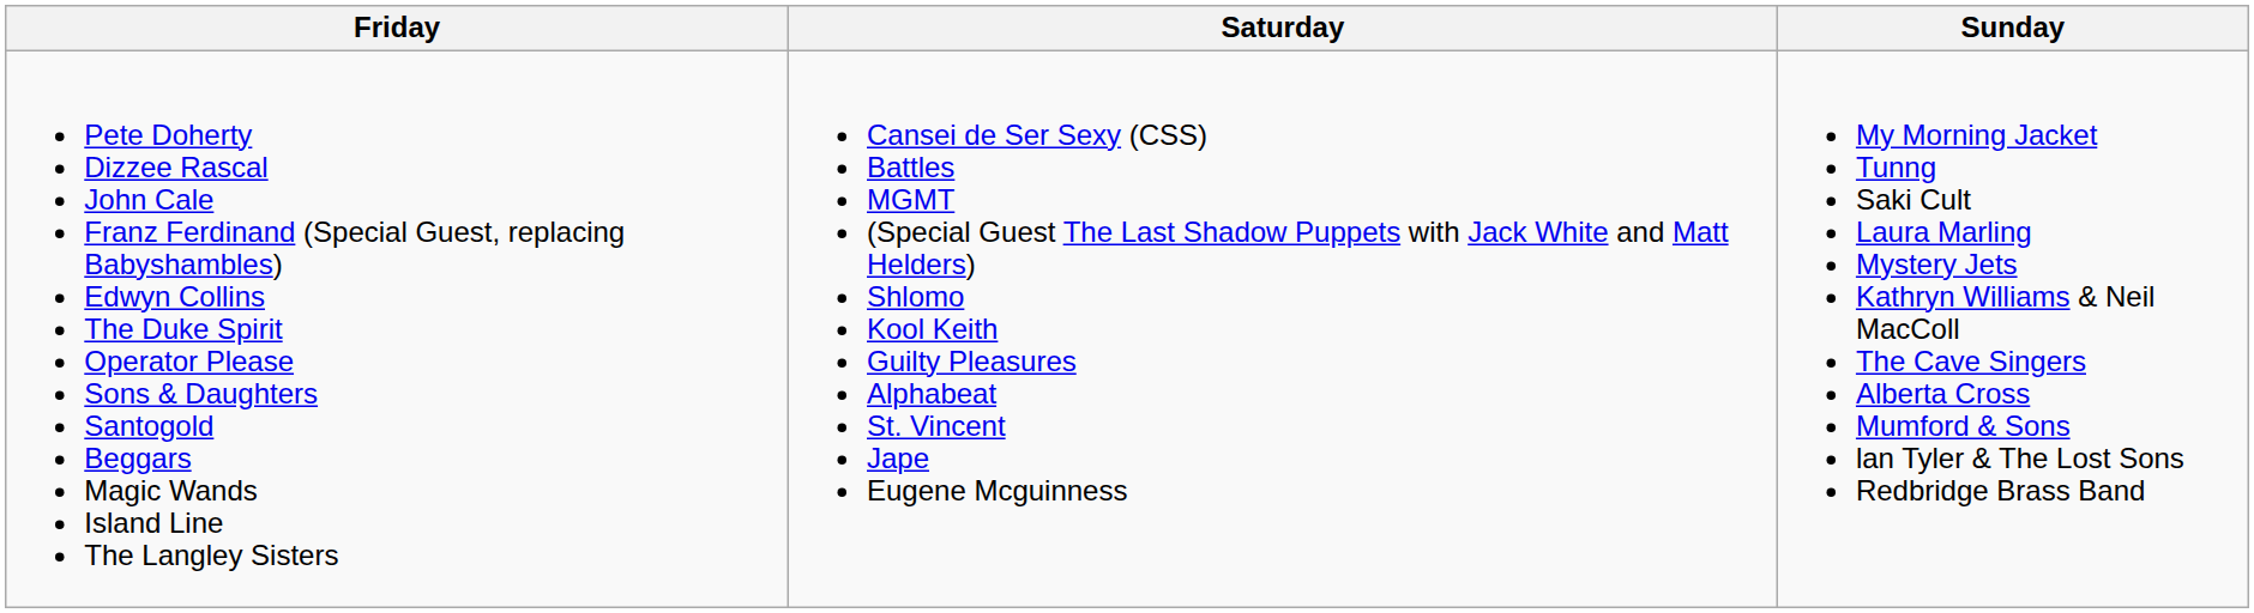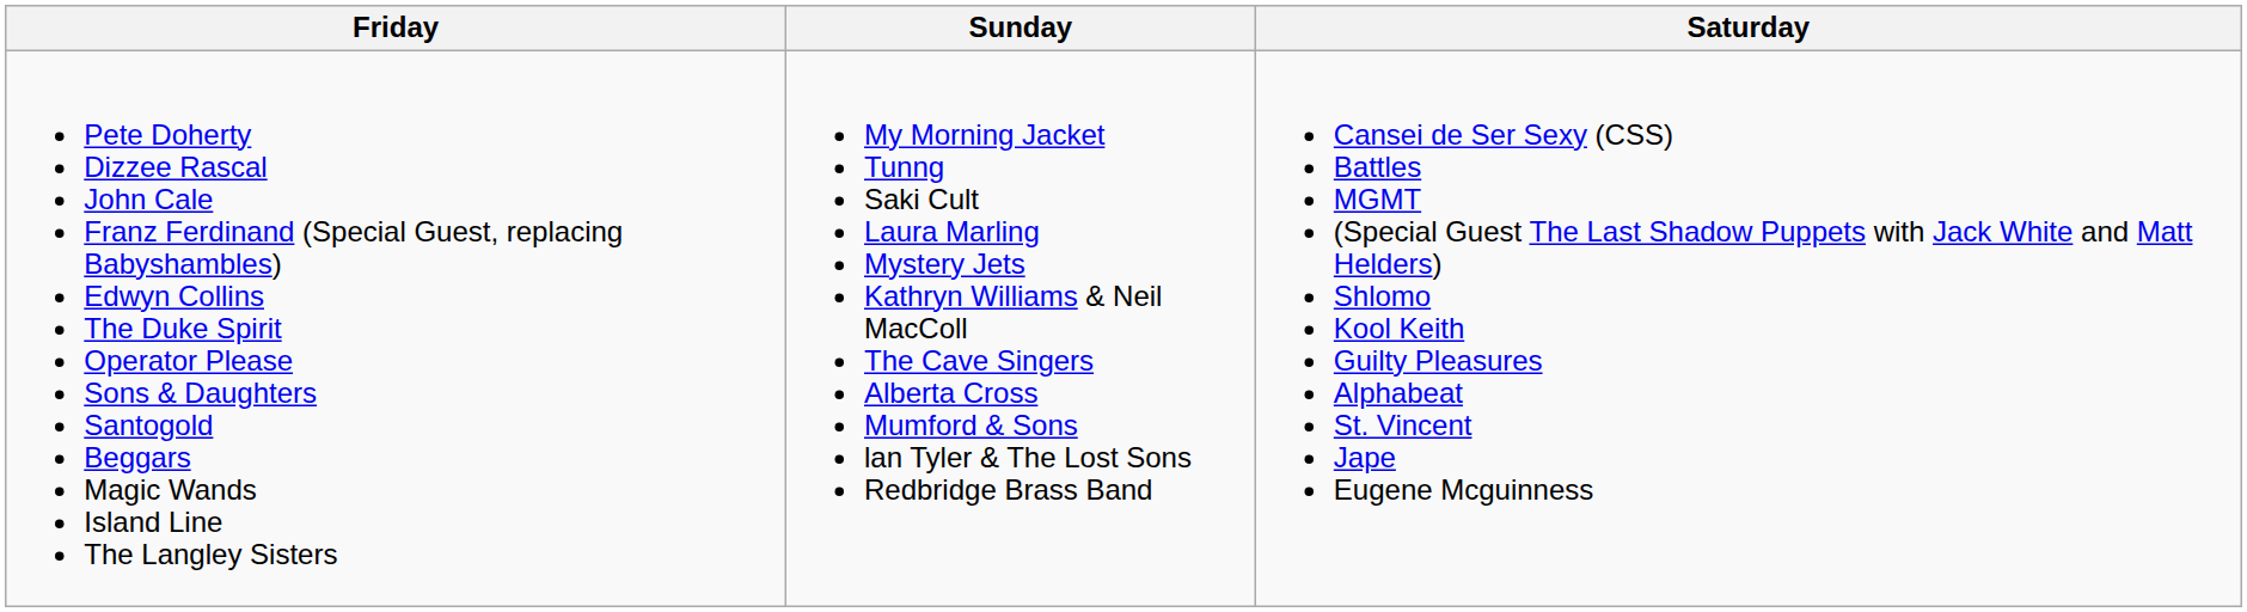 <table class="wikitable">
 <tr>
 <th>Friday</th>
+<th>Sunday</th>
 <th>Saturday</th>
-<th>Sunday</th>
 </tr>
 <tr valign="top">
 <td><br><ul><li><a href='#'>Pete Doherty</a></li><li><a href='#'>Dizzee Rascal</a></li><li><a href='#'>John Cale</a></li><li><a href='#'>Franz Ferdinand</a> (Special Guest, replacing <a href='#'>Babyshambles</a>)</li><li><a href='#'>Edwyn Collins</a></li><li><a href='#'>The Duke Spirit</a></li><li><a href='#'>Operator Please</a></li><li><a href='#'>Sons & Daughters</a></li><li><a href='#'>Santogold</a></li><li><a href='#'>Beggars</a></li><li>Magic Wands</li><li>Island Line</li><li>The Langley Sisters</li></ul></td>
+<td><br><ul><li><a href='#'>My Morning Jacket</a></li><li><a href='#'>Tunng</a></li><li>Saki Cult</li><li><a href='#'>Laura Marling</a></li><li><a href='#'>Mystery Jets</a></li><li><a href='#'>Kathryn Williams</a> & Neil MacColl</li><li><a href='#'>The Cave Singers</a></li><li><a href='#'>Alberta Cross</a></li><li><a href='#'>Mumford & Sons</a></li><li>lan Tyler & The Lost Sons</li><li>Redbridge Brass Band</li></ul></td>
 <td><br><ul><li><a href='#'>Cansei de Ser Sexy</a> (CSS)</li><li><a href='#'>Battles</a></li><li><a href='#'>MGMT</a></li><li>(Special Guest <a href='#'>The Last Shadow Puppets</a> with <a href='#'>Jack White</a> and <a href='#'>Matt Helders</a>)</li><li><a href='#'>Shlomo</a></li><li><a href='#'>Kool Keith</a></li><li><a href='#'>Guilty Pleasures</a></li><li><a href='#'>Alphabeat</a></li><li><a href='#'>St. Vincent</a></li><li><a href='#'>Jape</a></li><li>Eugene Mcguinness</li></ul></td>
-<td><br><ul><li><a href='#'>My Morning Jacket</a></li><li><a href='#'>Tunng</a></li><li>Saki Cult</li><li><a href='#'>Laura Marling</a></li><li><a href='#'>Mystery Jets</a></li><li><a href='#'>Kathryn Williams</a> & Neil MacColl</li><li><a href='#'>The Cave Singers</a></li><li><a href='#'>Alberta Cross</a></li><li><a href='#'>Mumford & Sons</a></li><li>lan Tyler & The Lost Sons</li><li>Redbridge Brass Band</li></ul></td>
 </tr>
 </table>
